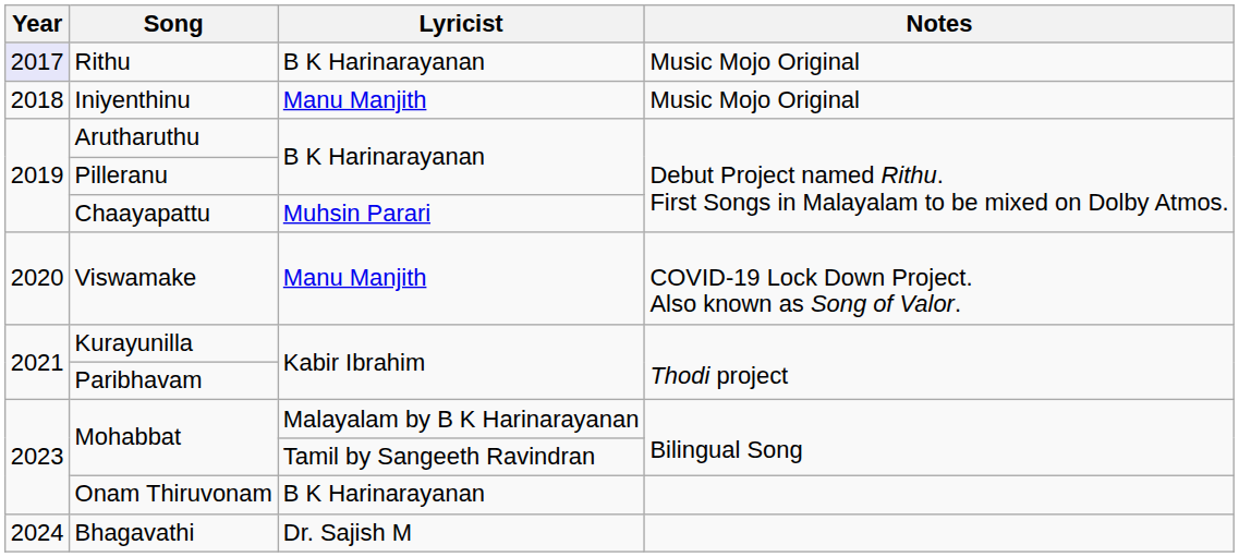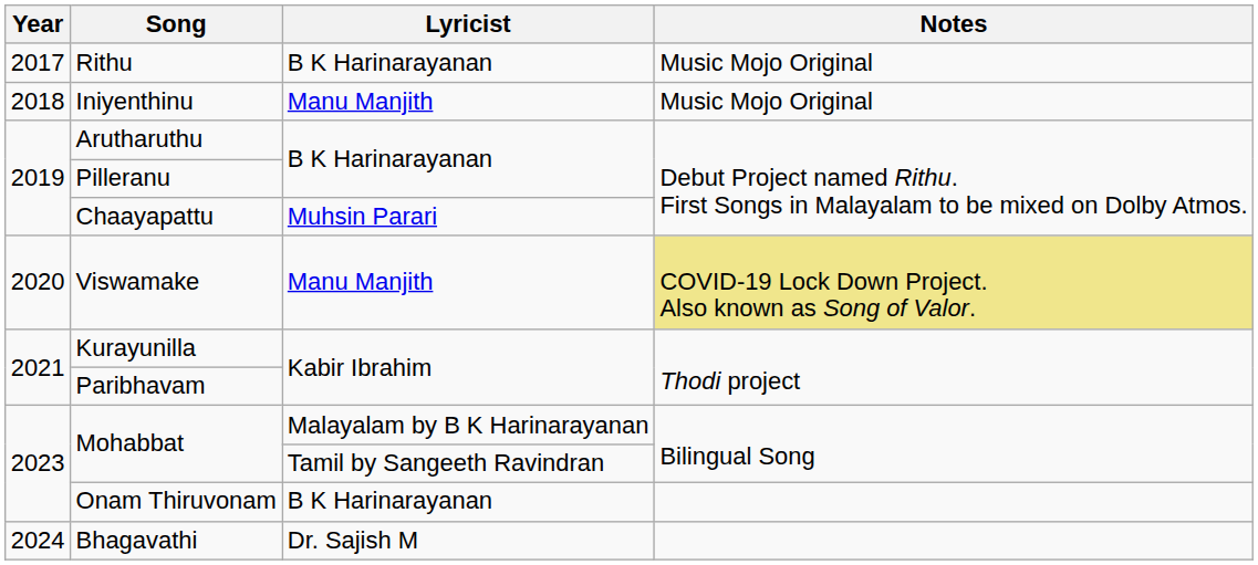 <table class="wikitable">
 <tr>
 <th>Year</th>
 <th>Song</th>
 <th>Lyricist</th>
 <th>Notes</th>
 </tr>
 <tr>
-<td style="background: lavender;">2017</td>
+<td>2017</td>
 <td>Rithu</td>
 <td>B K Harinarayanan</td>
 <td>Music Mojo Original</td>
 </tr>
 <tr>
 <td>2018</td>
 <td>Iniyenthinu</td>
 <td><a href='#'>Manu Manjith</a></td>
 <td>Music Mojo Original</td>
 </tr>
 <tr>
 <td rowspan="3">2019</td>
 <td>Arutharuthu</td>
 <td rowspan="2">B K Harinarayanan</td>
 <td rowspan="3"><br>Debut Project named <em>Rithu</em>.<br> First Songs in Malayalam to be mixed on Dolby Atmos.</td>
 </tr>
 <tr>
 <td>Pilleranu</td>
 </tr>
 <tr>
 <td>Chaayapattu</td>
 <td><a href='#'>Muhsin Parari</a></td>
 </tr>
 <tr>
 <td>2020</td>
 <td>Viswamake</td>
 <td><a href='#'>Manu Manjith</a></td>
-<td><br>COVID-19 Lock Down Project.<br>Also known as <em>Song of Valor</em>.</td>
+<td style="background: khaki;"><br>COVID-19 Lock Down Project.<br>Also known as <em>Song of Valor</em>.</td>
 </tr>
 <tr>
 <td rowspan="2">2021</td>
 <td>Kurayunilla</td>
 <td rowspan="2">Kabir Ibrahim</td>
 <td rowspan="2"><br><em>Thodi</em> project</td>
 </tr>
 <tr>
 <td>Paribhavam</td>
 </tr>
 <tr>
 <td rowspan="3">2023</td>
 <td rowspan="2">Mohabbat</td>
 <td>Malayalam by B K Harinarayanan</td>
 <td rowspan="2"><br>Bilingual Song</td>
 </tr>
 <tr>
 <td>Tamil by Sangeeth Ravindran</td>
 </tr>
 <tr>
 <td>Onam Thiruvonam</td>
 <td>B K Harinarayanan</td>
 </tr>
 <tr>
 <td>2024</td>
 <td>Bhagavathi</td>
 <td>Dr. Sajish M</td>
 <td></td>
 </tr>
 </table>
